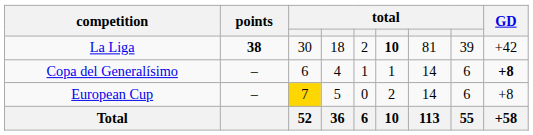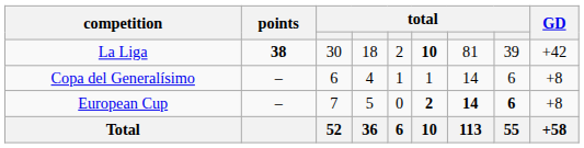 <table class="wikitable" style="font-size:90%;width:60%;float:left;text-align:center;">
 <tr>
 <th rowspan="2">competition</th>
 <th rowspan="2">points</th>
 <th colspan="6">total</th>
 <th rowspan="2"><a href='#'>GD</a></th>
 </tr>
 <tr>
 <th></th>
 <th></th>
 <th></th>
 <th></th>
 <th></th>
 <th></th>
 </tr>
 <tr>
 <td><a href='#'>La Liga</a></td>
 <td><strong>38</strong></td>
 <td>30</td>
 <td>18</td>
 <td>2</td>
 <td><strong>10</strong></td>
 <td>81</td>
 <td>39</td>
 <td>+42</td>
 </tr>
 <tr>
 <td><a href='#'>Copa del Generalísimo</a></td>
 <td>–</td>
 <td>6</td>
 <td>4</td>
 <td>1</td>
 <td>1</td>
 <td>14</td>
 <td>6</td>
-<td><strong>+8</strong></td>
+<td>+8</td>
 </tr>
 <tr>
 <td><a href='#'>European Cup</a></td>
 <td>–</td>
-<td style="background: gold;">7</td>
+<td>7</td>
 <td>5</td>
 <td>0</td>
-<td>2</td>
-<td>14</td>
-<td>6</td>
+<td><strong>2</strong></td>
+<td><strong>14</strong></td>
+<td><strong>6</strong></td>
 <td>+8</td>
 </tr>
 <tr>
 <th>Total</th>
 <th></th>
 <th>52</th>
 <th>36</th>
 <th>6</th>
 <th>10</th>
 <th>113</th>
 <th>55</th>
 <th>+58</th>
 </tr>
 </table>
